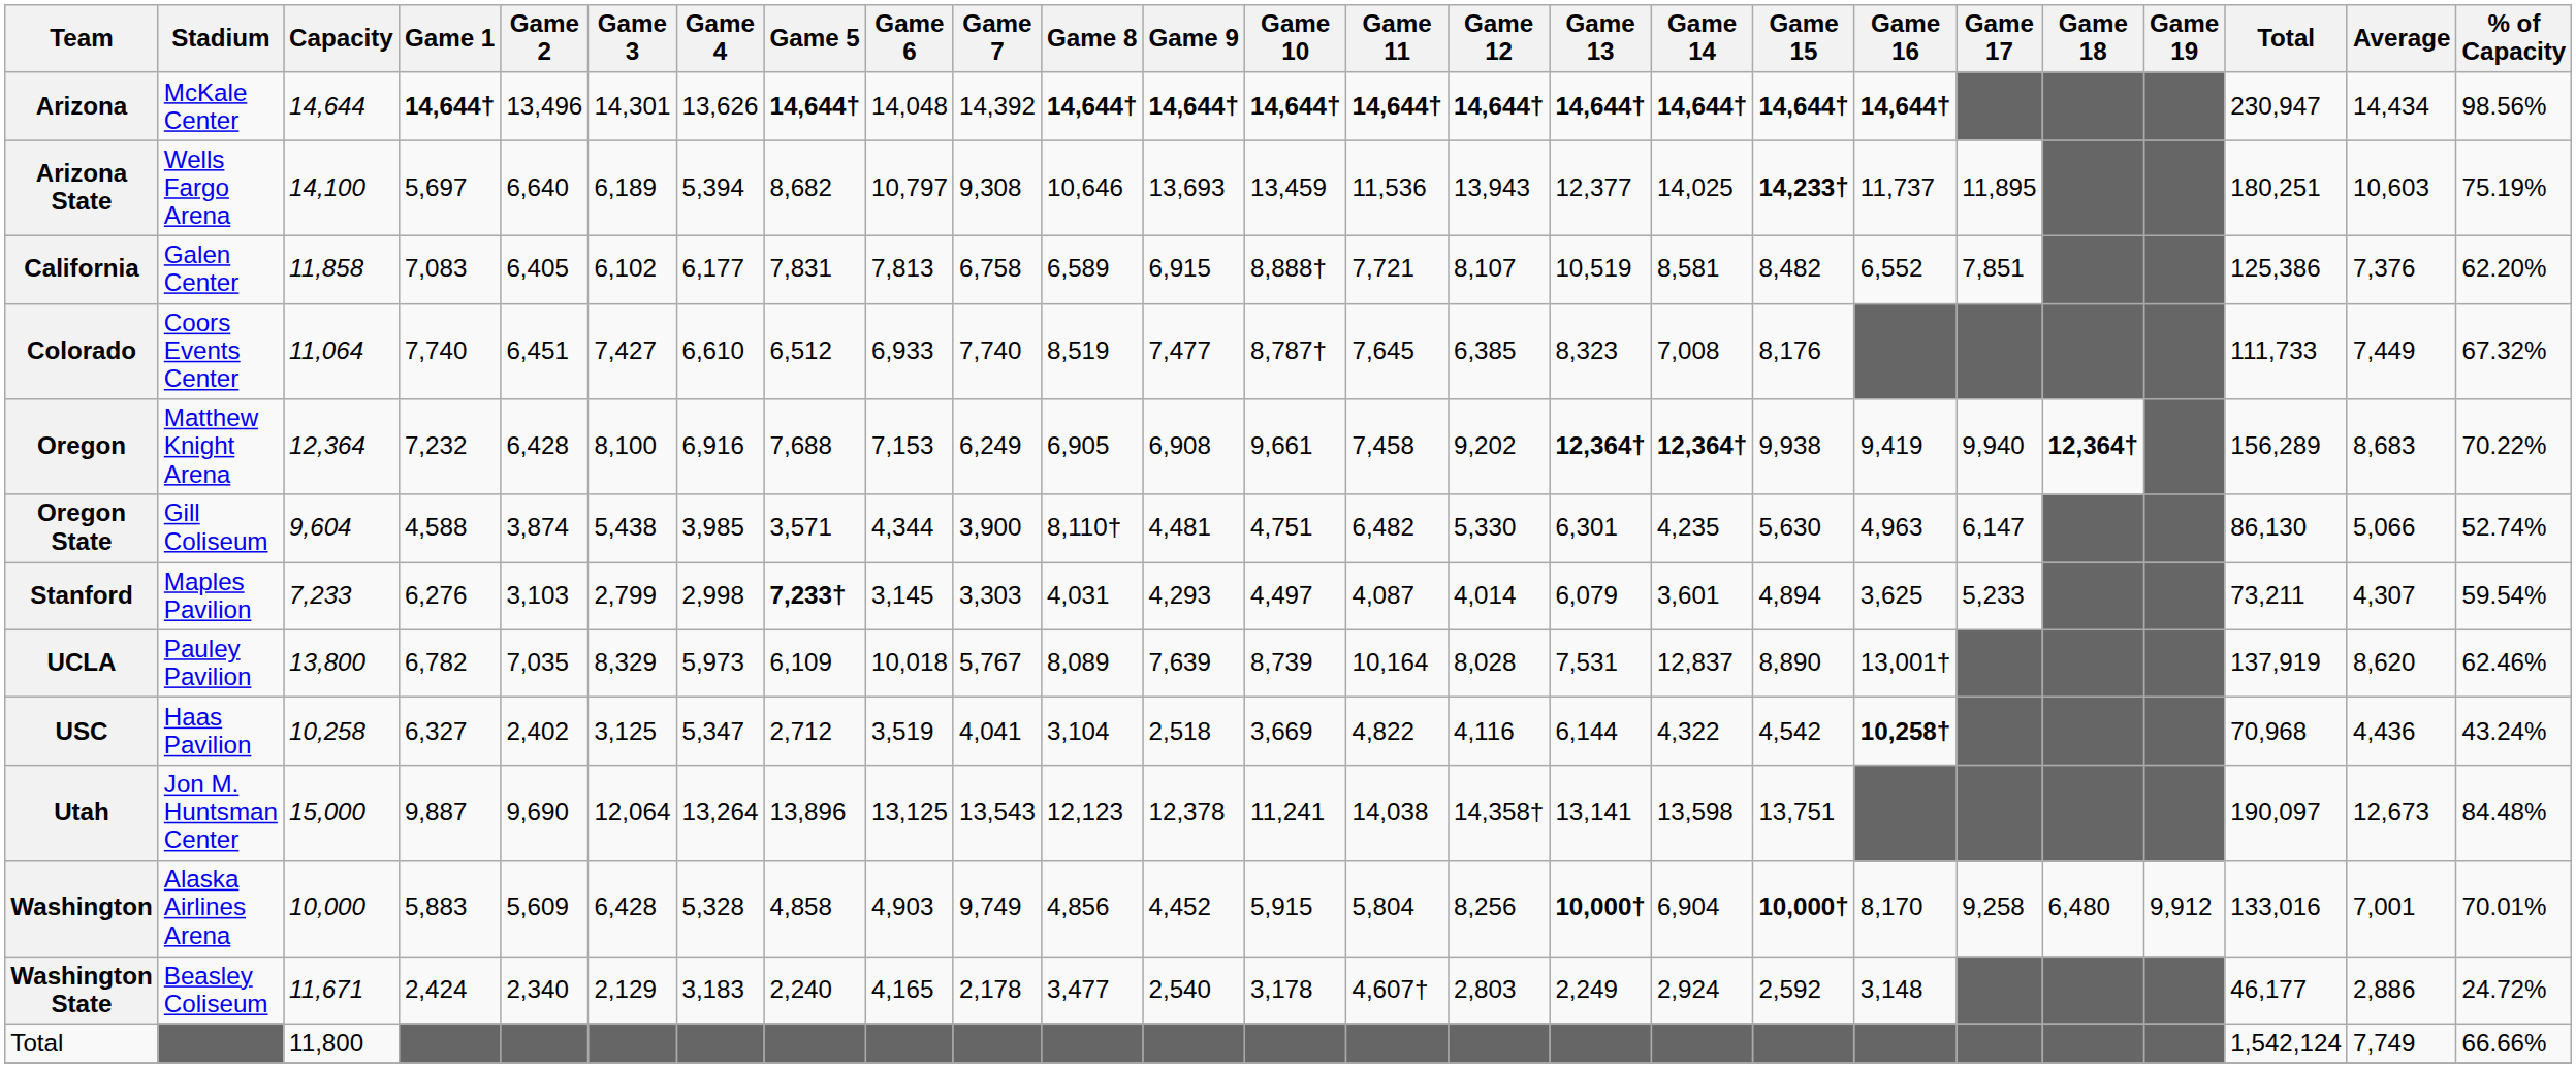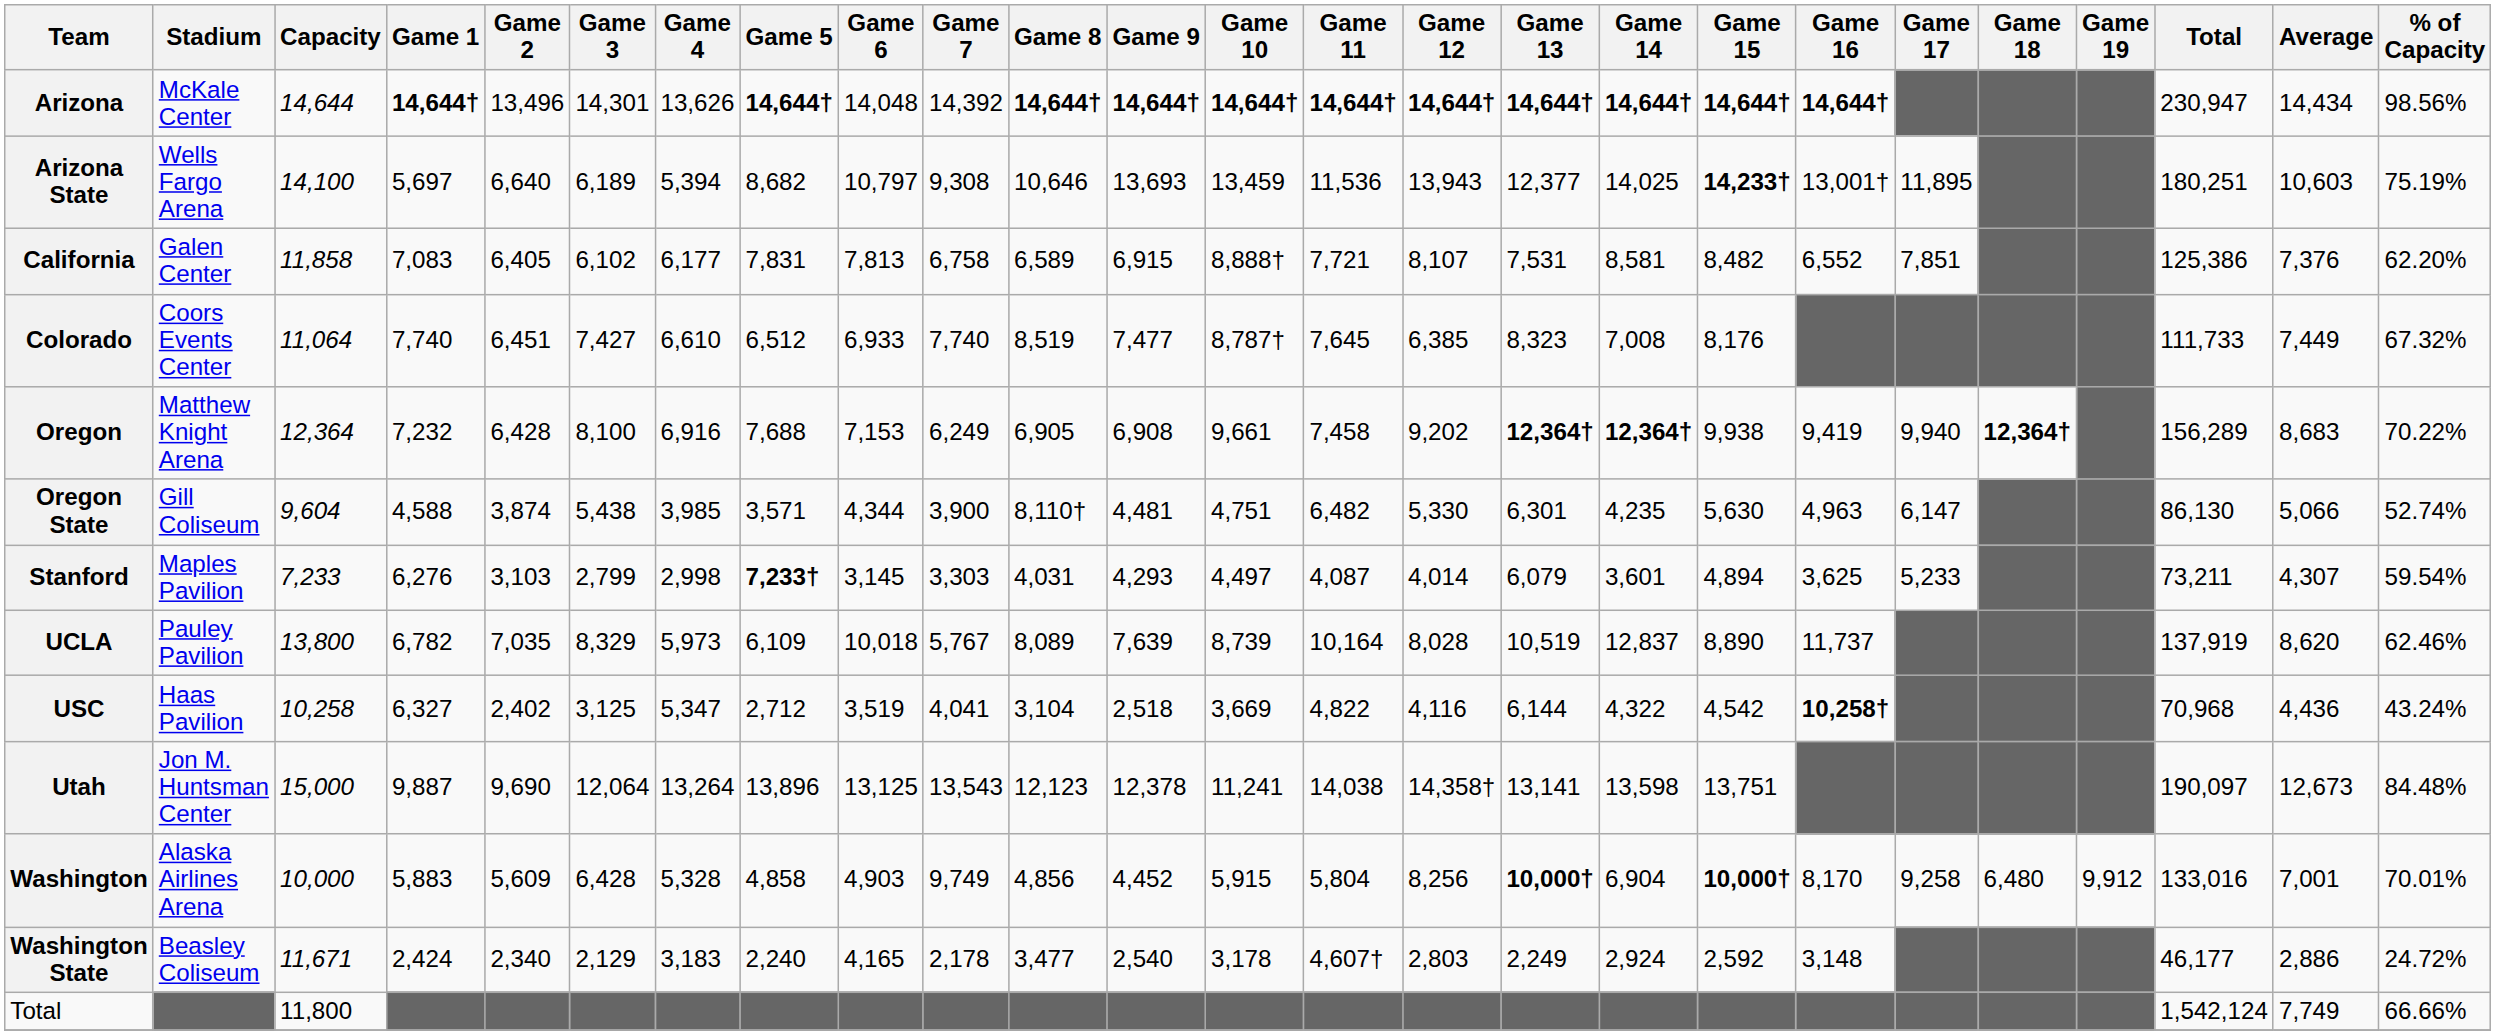 <table class="wikitable">
 <tr>
 <th>Team</th>
 <th>Stadium</th>
 <th>Capacity</th>
 <th>Game 1</th>
 <th>Game 2</th>
 <th>Game 3</th>
 <th>Game 4</th>
 <th>Game 5</th>
 <th>Game 6</th>
 <th>Game 7</th>
 <th>Game 8</th>
 <th>Game 9</th>
 <th>Game 10</th>
 <th>Game 11</th>
 <th>Game 12</th>
 <th>Game 13</th>
 <th>Game 14</th>
 <th>Game 15</th>
 <th>Game 16</th>
 <th>Game 17</th>
 <th>Game 18</th>
 <th>Game 19</th>
 <th>Total</th>
 <th>Average</th>
 <th>% of Capacity</th>
 </tr>
 <tr>
 <th>Arizona</th>
 <td><a href='#'>McKale Center</a></td>
 <td><em>14,644</em></td>
 <td><strong>14,644†</strong></td>
 <td>13,496</td>
 <td>14,301</td>
 <td>13,626</td>
 <td><strong>14,644†</strong></td>
 <td>14,048</td>
 <td>14,392</td>
 <td><strong>14,644†</strong></td>
 <td><strong>14,644†</strong></td>
 <td><strong>14,644†</strong></td>
 <td><strong>14,644†</strong></td>
 <td><strong>14,644†</strong></td>
 <td><strong>14,644†</strong></td>
 <td><strong>14,644†</strong></td>
 <td><strong>14,644†</strong></td>
 <td><strong>14,644†</strong></td>
 <td style="background:#666666;"></td>
 <td style="background:#666666;"></td>
 <td style="background:#666666;"></td>
 <td>230,947</td>
 <td>14,434</td>
 <td>98.56%</td>
 </tr>
 <tr>
 <th>Arizona State</th>
 <td><a href='#'>Wells Fargo Arena</a></td>
 <td><em>14,100</em></td>
 <td>5,697</td>
 <td>6,640</td>
 <td>6,189</td>
 <td>5,394</td>
 <td>8,682</td>
 <td>10,797</td>
 <td>9,308</td>
 <td>10,646</td>
 <td>13,693</td>
 <td>13,459</td>
 <td>11,536</td>
 <td>13,943</td>
 <td>12,377</td>
 <td>14,025</td>
 <td><strong>14,233†</strong></td>
-<td>11,737</td>
+<td>13,001†</td>
 <td>11,895</td>
 <td style="background:#666666;"></td>
 <td style="background:#666666;"></td>
 <td>180,251</td>
 <td>10,603</td>
 <td>75.19%</td>
 </tr>
 <tr>
 <th>California</th>
 <td><a href='#'>Galen Center</a></td>
 <td><em>11,858</em></td>
 <td>7,083</td>
 <td>6,405</td>
 <td>6,102</td>
 <td>6,177</td>
 <td>7,831</td>
 <td>7,813</td>
 <td>6,758</td>
 <td>6,589</td>
 <td>6,915</td>
 <td>8,888†</td>
 <td>7,721</td>
 <td>8,107</td>
-<td>10,519</td>
+<td>7,531</td>
 <td>8,581</td>
 <td>8,482</td>
 <td>6,552</td>
 <td>7,851</td>
 <td style="background:#666666;"></td>
 <td style="background:#666666;"></td>
 <td>125,386</td>
 <td>7,376</td>
 <td>62.20%</td>
 </tr>
 <tr>
 <th>Colorado</th>
 <td><a href='#'>Coors Events Center</a></td>
 <td><em>11,064</em></td>
 <td>7,740</td>
 <td>6,451</td>
 <td>7,427</td>
 <td>6,610</td>
 <td>6,512</td>
 <td>6,933</td>
 <td>7,740</td>
 <td>8,519</td>
 <td>7,477</td>
 <td>8,787†</td>
 <td>7,645</td>
 <td>6,385</td>
 <td>8,323</td>
 <td>7,008</td>
 <td>8,176</td>
 <td style="background:#666666;"></td>
 <td style="background:#666666;"></td>
 <td style="background:#666666;"></td>
 <td style="background:#666666;"></td>
 <td>111,733</td>
 <td>7,449</td>
 <td>67.32%</td>
 </tr>
 <tr>
 <th>Oregon</th>
 <td><a href='#'>Matthew Knight Arena</a></td>
 <td><em>12,364</em></td>
 <td>7,232</td>
 <td>6,428</td>
 <td>8,100</td>
 <td>6,916</td>
 <td>7,688</td>
 <td>7,153</td>
 <td>6,249</td>
 <td>6,905</td>
 <td>6,908</td>
 <td>9,661</td>
 <td>7,458</td>
 <td>9,202</td>
 <td><strong>12,364†</strong></td>
 <td><strong>12,364†</strong></td>
 <td>9,938</td>
 <td>9,419</td>
 <td>9,940</td>
 <td><strong>12,364†</strong></td>
 <td style="background:#666666;"></td>
 <td>156,289</td>
 <td>8,683</td>
 <td>70.22%</td>
 </tr>
 <tr>
 <th>Oregon State</th>
 <td><a href='#'>Gill Coliseum</a></td>
 <td><em>9,604</em></td>
 <td>4,588</td>
 <td>3,874</td>
 <td>5,438</td>
 <td>3,985</td>
 <td>3,571</td>
 <td>4,344</td>
 <td>3,900</td>
 <td>8,110†</td>
 <td>4,481</td>
 <td>4,751</td>
 <td>6,482</td>
 <td>5,330</td>
 <td>6,301</td>
 <td>4,235</td>
 <td>5,630</td>
 <td>4,963</td>
 <td>6,147</td>
 <td style="background:#666666;"></td>
 <td style="background:#666666;"></td>
 <td>86,130</td>
 <td>5,066</td>
 <td>52.74%</td>
 </tr>
 <tr>
 <th>Stanford</th>
 <td><a href='#'>Maples Pavilion</a></td>
 <td><em>7,233</em></td>
 <td>6,276</td>
 <td>3,103</td>
 <td>2,799</td>
 <td>2,998</td>
 <td><strong>7,233†</strong></td>
 <td>3,145</td>
 <td>3,303</td>
 <td>4,031</td>
 <td>4,293</td>
 <td>4,497</td>
 <td>4,087</td>
 <td>4,014</td>
 <td>6,079</td>
 <td>3,601</td>
 <td>4,894</td>
 <td>3,625</td>
 <td>5,233</td>
 <td style="background:#666666;"></td>
 <td style="background:#666666;"></td>
 <td>73,211</td>
 <td>4,307</td>
 <td>59.54%</td>
 </tr>
 <tr>
 <th>UCLA</th>
 <td><a href='#'>Pauley Pavilion</a></td>
 <td><em>13,800</em></td>
 <td>6,782</td>
 <td>7,035</td>
 <td>8,329</td>
 <td>5,973</td>
 <td>6,109</td>
 <td>10,018</td>
 <td>5,767</td>
 <td>8,089</td>
 <td>7,639</td>
 <td>8,739</td>
 <td>10,164</td>
 <td>8,028</td>
-<td>7,531</td>
+<td>10,519</td>
 <td>12,837</td>
 <td>8,890</td>
-<td>13,001†</td>
+<td>11,737</td>
 <td style="background:#666666;"></td>
 <td style="background:#666666;"></td>
 <td style="background:#666666;"></td>
 <td>137,919</td>
 <td>8,620</td>
 <td>62.46%</td>
 </tr>
 <tr>
 <th>USC</th>
 <td><a href='#'>Haas Pavilion</a></td>
 <td><em>10,258</em></td>
 <td>6,327</td>
 <td>2,402</td>
 <td>3,125</td>
 <td>5,347</td>
 <td>2,712</td>
 <td>3,519</td>
 <td>4,041</td>
 <td>3,104</td>
 <td>2,518</td>
 <td>3,669</td>
 <td>4,822</td>
 <td>4,116</td>
 <td>6,144</td>
 <td>4,322</td>
 <td>4,542</td>
 <td><strong>10,258†</strong></td>
 <td style="background:#666666;"></td>
 <td style="background:#666666;"></td>
 <td style="background:#666666;"></td>
 <td>70,968</td>
 <td>4,436</td>
 <td>43.24%</td>
 </tr>
 <tr>
 <th>Utah</th>
 <td><a href='#'>Jon M. Huntsman Center</a></td>
 <td><em>15,000</em></td>
 <td>9,887</td>
 <td>9,690</td>
 <td>12,064</td>
 <td>13,264</td>
 <td>13,896</td>
 <td>13,125</td>
 <td>13,543</td>
 <td>12,123</td>
 <td>12,378</td>
 <td>11,241</td>
 <td>14,038</td>
 <td>14,358†</td>
 <td>13,141</td>
 <td>13,598</td>
 <td>13,751</td>
 <td style="background:#666666;"></td>
 <td style="background:#666666;"></td>
 <td style="background:#666666;"></td>
 <td style="background:#666666;"></td>
 <td>190,097</td>
 <td>12,673</td>
 <td>84.48%</td>
 </tr>
 <tr>
 <th>Washington</th>
 <td><a href='#'>Alaska Airlines Arena</a></td>
 <td><em>10,000</em></td>
 <td>5,883</td>
 <td>5,609</td>
 <td>6,428</td>
 <td>5,328</td>
 <td>4,858</td>
 <td>4,903</td>
 <td>9,749</td>
 <td>4,856</td>
 <td>4,452</td>
 <td>5,915</td>
 <td>5,804</td>
 <td>8,256</td>
 <td><strong>10,000†</strong></td>
 <td>6,904</td>
 <td><strong>10,000†</strong></td>
 <td>8,170</td>
 <td>9,258</td>
 <td>6,480</td>
 <td>9,912</td>
 <td>133,016</td>
 <td>7,001</td>
 <td>70.01%</td>
 </tr>
 <tr>
 <th>Washington State</th>
 <td><a href='#'>Beasley Coliseum</a></td>
 <td><em>11,671</em></td>
 <td>2,424</td>
 <td>2,340</td>
 <td>2,129</td>
 <td>3,183</td>
 <td>2,240</td>
 <td>4,165</td>
 <td>2,178</td>
 <td>3,477</td>
 <td>2,540</td>
 <td>3,178</td>
 <td>4,607†</td>
 <td>2,803</td>
 <td>2,249</td>
 <td>2,924</td>
 <td>2,592</td>
 <td>3,148</td>
 <td style="background:#666666;"></td>
 <td style="background:#666666;"></td>
 <td style="background:#666666;"></td>
 <td>46,177</td>
 <td>2,886</td>
 <td>24.72%</td>
 </tr>
 <tr>
 <td>Total</td>
 <td style="background:#666666;"></td>
 <td>11,800</td>
 <td style="background:#666666;"></td>
 <td style="background:#666666;"></td>
 <td style="background:#666666;"></td>
 <td style="background:#666666;"></td>
 <td style="background:#666666;"></td>
 <td style="background:#666666;"></td>
 <td style="background:#666666;"></td>
 <td style="background:#666666;"></td>
 <td style="background:#666666;"></td>
 <td style="background:#666666;"></td>
 <td style="background:#666666;"></td>
 <td style="background:#666666;"></td>
 <td style="background:#666666;"></td>
 <td style="background:#666666;"></td>
 <td style="background:#666666;"></td>
 <td style="background:#666666;"></td>
 <td style="background:#666666;"></td>
 <td style="background:#666666;"></td>
 <td style="background:#666666;"></td>
 <td>1,542,124</td>
 <td>7,749</td>
 <td>66.66%</td>
 </tr>
 <tr>
 </tr>
 </table>
